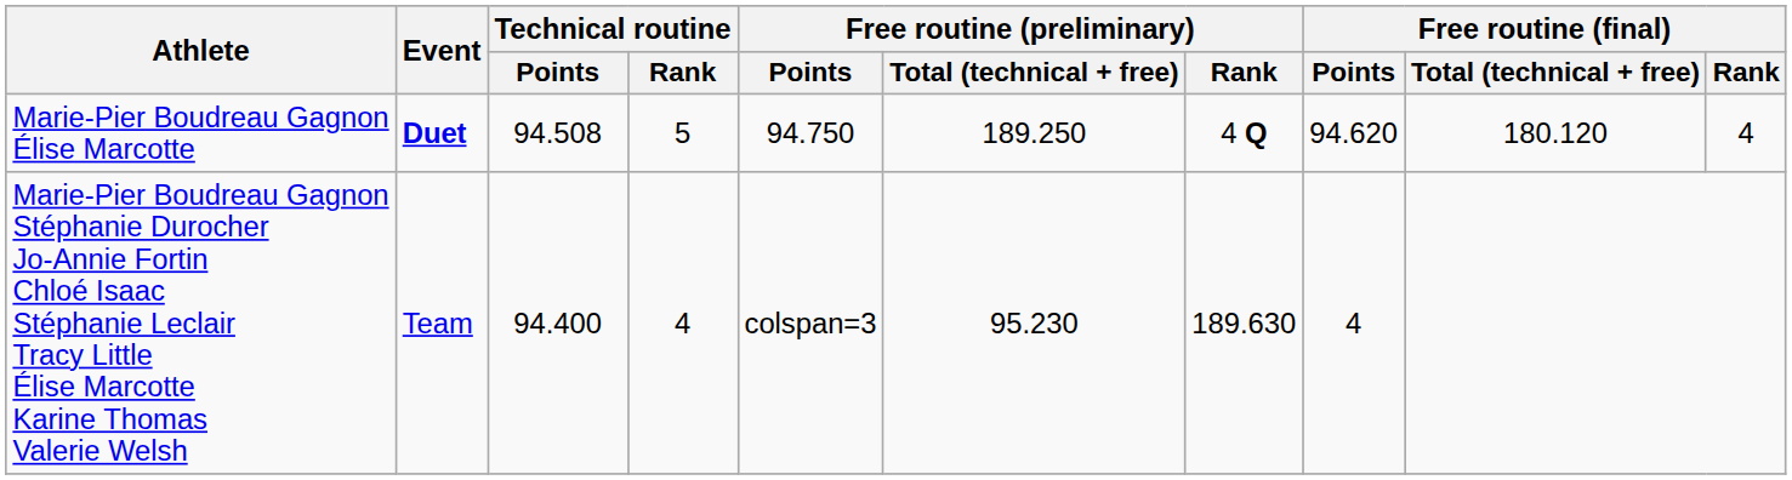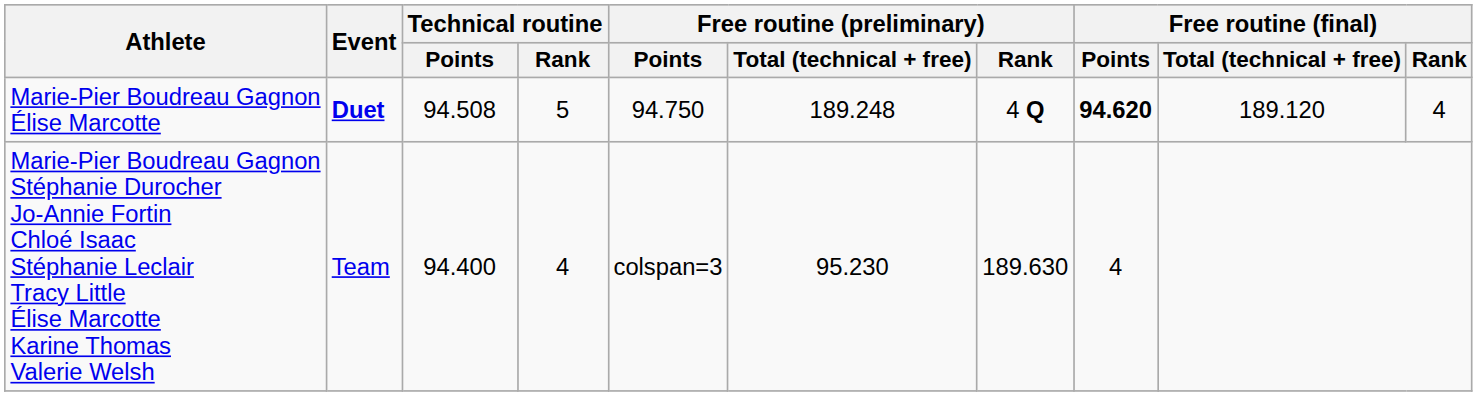 <table class="wikitable" style="font-size:90%">
 <tr>
 <th rowspan=2>Athlete</th>
 <th rowspan=2>Event</th>
 <th colspan=2>Technical routine</th>
 <th colspan=3>Free routine (preliminary)</th>
 <th colspan=3>Free routine (final)</th>
 </tr>
 <tr style="font-size:95%">
 <th>Points</th>
 <th>Rank</th>
 <th>Points</th>
 <th>Total (technical + free)</th>
 <th>Rank</th>
 <th>Points</th>
 <th>Total (technical + free)</th>
 <th>Rank</th>
 </tr>
 <tr align=center>
 <td align=left><a href='#'>Marie-Pier Boudreau Gagnon</a><br><a href='#'>Élise Marcotte</a></td>
 <td align=left><strong><a href='#'>Duet</a></strong></td>
 <td>94.508</td>
 <td>5</td>
 <td>94.750</td>
-<td>189.250</td>
+<td>189.248</td>
 <td>4 <strong>Q</strong></td>
-<td>94.620</td>
-<td>180.120</td>
+<td><strong>94.620</strong></td>
+<td>189.120</td>
 <td>4</td>
 </tr>
 <tr align=center>
 <td align=left><a href='#'>Marie-Pier Boudreau Gagnon</a><br><a href='#'>Stéphanie Durocher</a><br><a href='#'>Jo-Annie Fortin</a><br><a href='#'>Chloé Isaac</a><br><a href='#'>Stéphanie Leclair</a><br><a href='#'>Tracy Little</a><br><a href='#'>Élise Marcotte</a><br><a href='#'>Karine Thomas</a><br><a href='#'>Valerie Welsh</a></td>
 <td align=left><a href='#'>Team</a></td>
 <td>94.400</td>
 <td>4</td>
 <td>colspan=3 </td>
 <td>95.230</td>
 <td>189.630</td>
 <td>4</td>
 </tr>
 </table>
